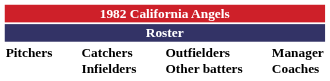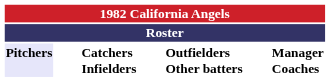 <table class="toccolours" style="font-size: 95%;">
 <tr>
 <th colspan="10" style="background-color: #CE2029; color: #FFFFFF; text-align: center;">1982 California Angels</th>
 </tr>
 <tr>
 <td colspan="10" style="background-color:#333366; color: white; text-align: center;"><strong>Roster</strong></td>
 </tr>
 <tr>
-<td valign="top"><strong>Pitchers</strong><br>                </td>
+<td valign="top" style="background: lavender;"><strong>Pitchers</strong><br>                </td>
 <td width="25px"></td>
 <td valign="top"><strong>Catchers</strong><br>  <strong>Infielders</strong>           </td>
 <td width="25px"></td>
 <td valign="top"><strong>Outfielders</strong><br>      <strong>Other batters</strong> </td>
 <td width="25px"></td>
 <td valign="top"><strong>Manager</strong><br> <strong>Coaches</strong>      </td>
 </tr>
 </table>
